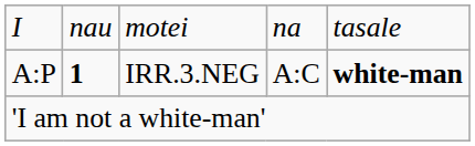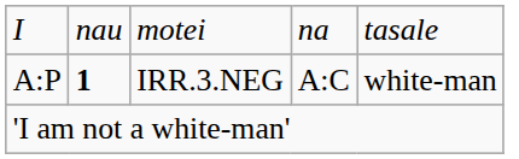 <table class="wikitable">
 <tr>
 <td><em>I</em></td>
 <td><em>nau</em></td>
 <td><em>motei</em></td>
 <td><em>na</em></td>
 <td><em>tasale</em></td>
 </tr>
 <tr>
 <td>A:P</td>
 <td><strong>1</strong></td>
 <td>IRR.3.NEG</td>
 <td>A:C</td>
-<td><strong>white-man</strong></td>
+<td>white-man</td>
 </tr>
 <tr>
 <td colspan="5">'I am not a white-man'</td>
 </tr>
 </table>
